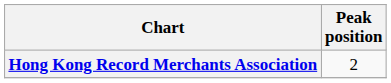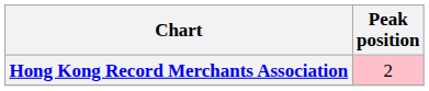 <table class="wikitable plainrowheaders">
 <tr>
 <th>Chart</th>
 <th>Peak<br>position</th>
 </tr>
 <tr>
 <th scope="row"><a href='#'>Hong Kong Record Merchants Association</a></th>
-<td align="center">2</td>
+<td align="center" style="background: pink;">2</td>
 </tr>
 <tr>
 </tr>
 </table>
